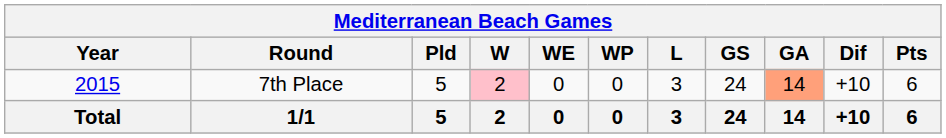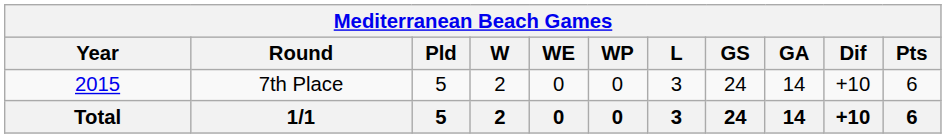 <table class="wikitable" style="text-align: center;font-size:90%;">
 <tr>
 <th colspan=11><a href='#'>Mediterranean Beach Games</a></th>
 </tr>
 <tr>
 <th width=125>Year</th>
 <th width=150>Round</th>
 <th width=35>Pld</th>
 <th width=35>W</th>
 <th width=35>WE</th>
 <th width=35>WP</th>
 <th width=35>L</th>
 <th width=35>GS</th>
 <th width=35>GA</th>
 <th width=35>Dif</th>
 <th width=35>Pts</th>
 </tr>
 <tr>
 <td> <a href='#'>2015</a></td>
 <td>7th Place</td>
 <td>5</td>
-<td style="background: pink;">2</td>
+<td>2</td>
 <td>0</td>
 <td>0</td>
 <td>3</td>
 <td>24</td>
-<td style="background: lightsalmon;">14</td>
+<td>14</td>
 <td>+10</td>
 <td>6</td>
 </tr>
 <tr>
 <th><strong>Total</strong></th>
 <th>1/1</th>
 <th>5</th>
 <th>2</th>
 <th>0</th>
 <th>0</th>
 <th>3</th>
 <th>24</th>
 <th>14</th>
 <th>+10</th>
 <th>6</th>
 </tr>
 </table>
